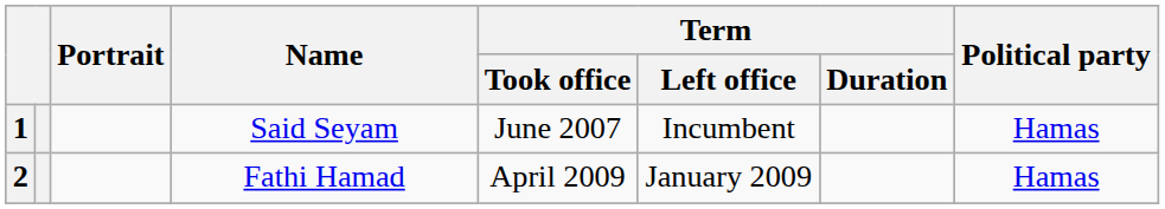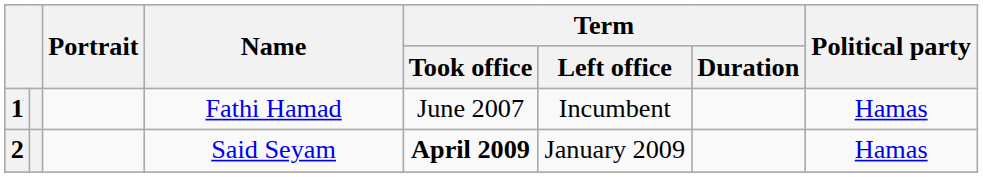 <table class="wikitable" style="text-align:center">
 <tr>
 <th rowspan=2 colspan=2></th>
 <th rowspan=2>Portrait</th>
 <th rowspan=2 width=150>Name<br></th>
 <th colspan=3>Term</th>
 <th rowspan=2>Political party</th>
 </tr>
 <tr>
 <th>Took office</th>
 <th>Left office</th>
 <th>Duration</th>
 </tr>
 <tr>
 <th>1</th>
 <th style="background:"></th>
 <td></td>
-<td><a href='#'>Said Seyam</a><br></td>
+<td><a href='#'>Fathi Hamad</a><br></td>
 <td>June 2007</td>
 <td>Incumbent</td>
 <td></td>
 <td><a href='#'>Hamas</a></td>
 </tr>
 <tr>
 <th>2</th>
 <th style="background:"></th>
 <td></td>
-<td><a href='#'>Fathi Hamad</a><br></td>
-<td>April 2009</td>
+<td><a href='#'>Said Seyam</a><br></td>
+<td><strong>April 2009</strong></td>
 <td>January 2009</td>
 <td></td>
 <td><a href='#'>Hamas</a></td>
 </tr>
 </table>
